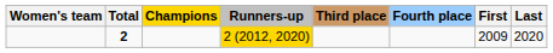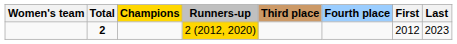 <table class="wikitable" style="text-align: center; font-size: 90%; margin-left: 1em;">
 <tr>
 <th>Women's team</th>
 <th>Total</th>
 <th style="background-color: gold;">Champions</th>
 <th style="background-color: silver;">Runners-up</th>
 <th style="background-color: #cc9966;">Third place</th>
 <th style="background-color: #9acdff;">Fourth place</th>
 <th>First</th>
 <th>Last</th>
 </tr>
 <tr>
 <td style="text-align: left;"></td>
 <td><strong>2</strong></td>
 <td></td>
 <td style="background: gold;">2 (2012, 2020)</td>
 <td></td>
 <td></td>
-<td>2009</td>
-<td>2020</td>
+<td>2012</td>
+<td>2023</td>
 </tr>
 </table>
